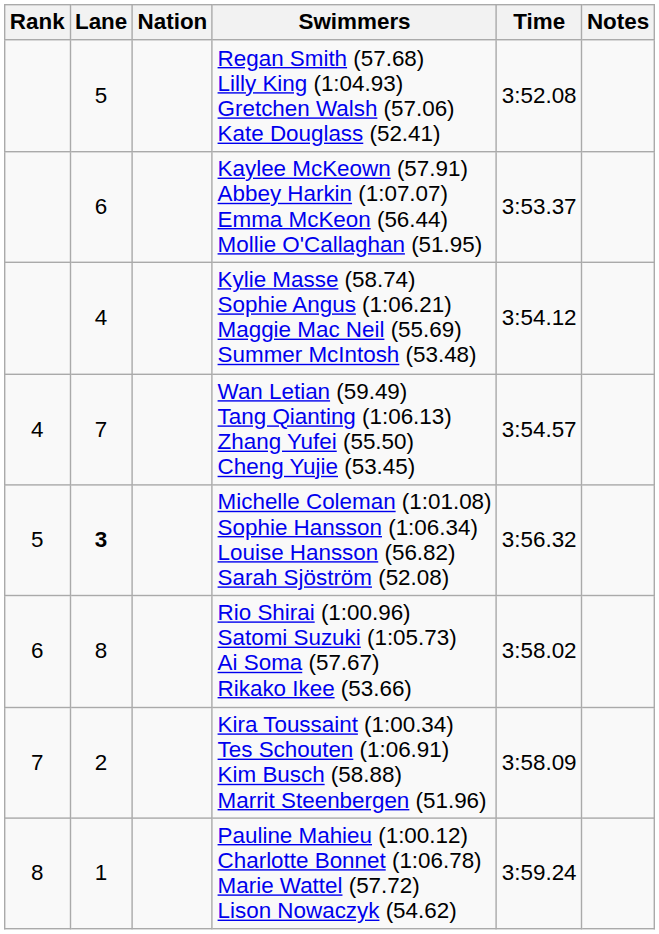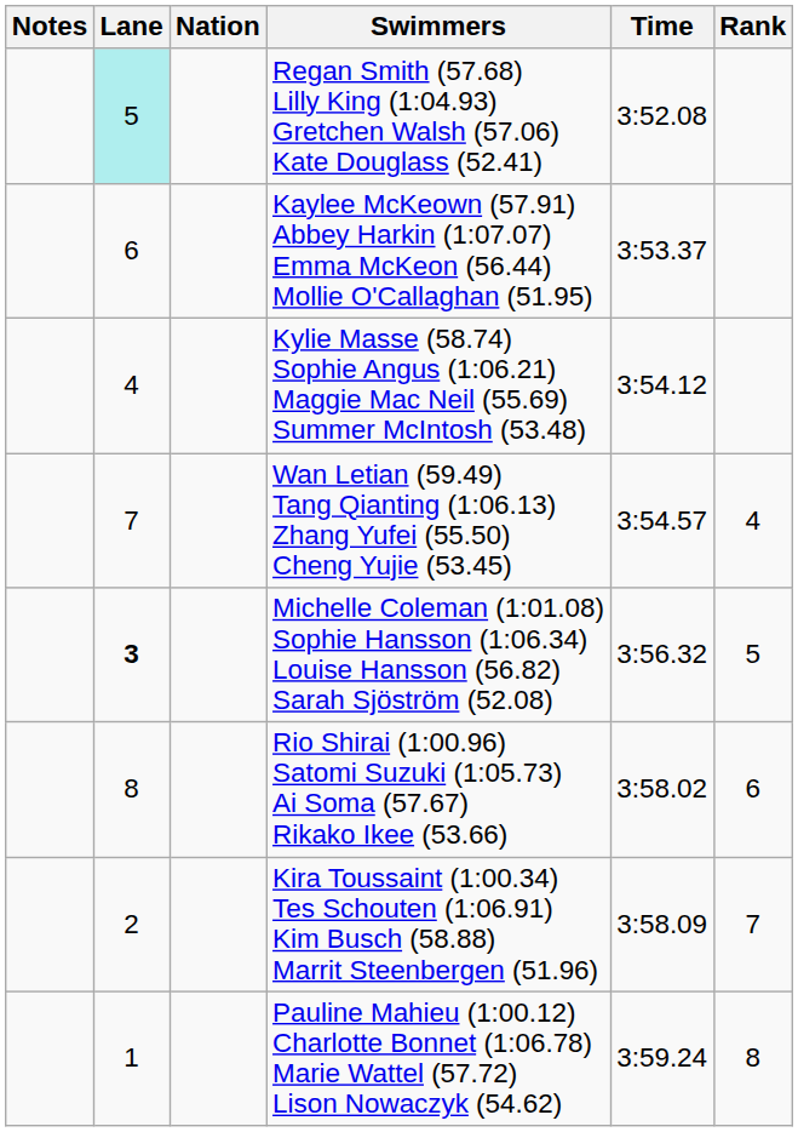 <table class="wikitable sortable" style="text-align:center">
 <tr>
-<th>Rank</th>
+<th>Notes</th>
 <th>Lane</th>
 <th>Nation</th>
 <th>Swimmers</th>
 <th>Time</th>
-<th>Notes</th>
+<th>Rank</th>
 </tr>
 <tr>
 <td></td>
-<td>5</td>
+<td style="background: paleturquoise;">5</td>
 <td align=left></td>
 <td align=left><a href='#'>Regan Smith</a> (57.68)<br><a href='#'>Lilly King</a> (1:04.93)<br><a href='#'>Gretchen Walsh</a> (57.06)<br><a href='#'>Kate Douglass</a> (52.41)</td>
 <td>3:52.08</td>
 <td></td>
 </tr>
 <tr>
 <td></td>
 <td>6</td>
 <td align=left></td>
 <td align=left><a href='#'>Kaylee McKeown</a> (57.91)<br><a href='#'>Abbey Harkin</a> (1:07.07)<br><a href='#'>Emma McKeon</a> (56.44)<br><a href='#'>Mollie O'Callaghan</a> (51.95)</td>
 <td>3:53.37</td>
 <td></td>
 </tr>
 <tr>
 <td></td>
 <td>4</td>
 <td align=left></td>
 <td align=left><a href='#'>Kylie Masse</a> (58.74)<br><a href='#'>Sophie Angus</a> (1:06.21)<br><a href='#'>Maggie Mac Neil</a> (55.69)<br><a href='#'>Summer McIntosh</a> (53.48)</td>
 <td>3:54.12</td>
 <td></td>
 </tr>
 <tr>
-<td>4</td>
+<td></td>
 <td>7</td>
 <td align=left></td>
 <td align=left><a href='#'>Wan Letian</a> (59.49)<br><a href='#'>Tang Qianting</a> (1:06.13)<br><a href='#'>Zhang Yufei</a> (55.50)<br><a href='#'>Cheng Yujie</a> (53.45)</td>
 <td>3:54.57</td>
-<td></td>
+<td>4</td>
 </tr>
 <tr>
-<td>5</td>
+<td></td>
 <td><strong>3</strong></td>
 <td align=left></td>
 <td align=left><a href='#'>Michelle Coleman</a> (1:01.08)<br><a href='#'>Sophie Hansson</a> (1:06.34)<br><a href='#'>Louise Hansson</a> (56.82)<br><a href='#'>Sarah Sjöström</a> (52.08)</td>
 <td>3:56.32</td>
-<td></td>
+<td>5</td>
 </tr>
 <tr>
-<td>6</td>
+<td></td>
 <td>8</td>
 <td align=left></td>
 <td align=left><a href='#'>Rio Shirai</a> (1:00.96)<br><a href='#'>Satomi Suzuki</a> (1:05.73)<br><a href='#'>Ai Soma</a> (57.67)<br><a href='#'>Rikako Ikee</a> (53.66)</td>
 <td>3:58.02</td>
-<td></td>
+<td>6</td>
 </tr>
 <tr>
-<td>7</td>
+<td></td>
 <td>2</td>
 <td align=left></td>
 <td align=left><a href='#'>Kira Toussaint</a> (1:00.34)<br><a href='#'>Tes Schouten</a> (1:06.91)<br><a href='#'>Kim Busch</a> (58.88)<br><a href='#'>Marrit Steenbergen</a> (51.96)</td>
 <td>3:58.09</td>
-<td></td>
+<td>7</td>
 </tr>
 <tr>
-<td>8</td>
+<td></td>
 <td>1</td>
 <td align=left></td>
 <td align=left><a href='#'>Pauline Mahieu</a> (1:00.12)<br><a href='#'>Charlotte Bonnet</a> (1:06.78)<br><a href='#'>Marie Wattel</a> (57.72)<br><a href='#'>Lison Nowaczyk</a> (54.62)</td>
 <td>3:59.24</td>
-<td></td>
+<td>8</td>
 </tr>
 </table>
